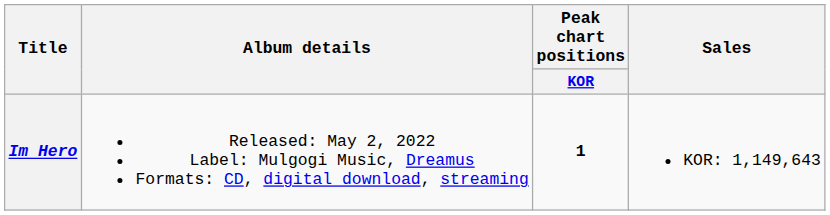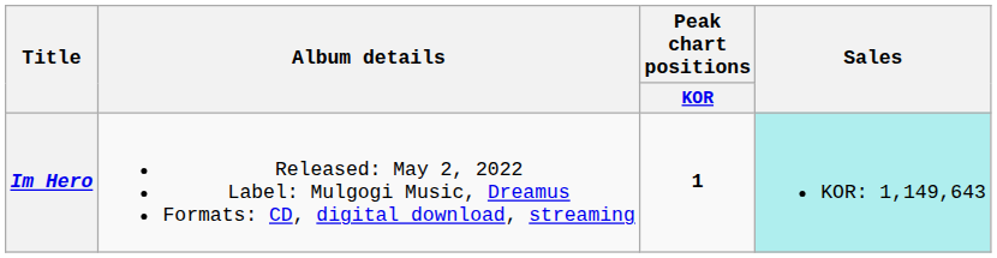 <table class="wikitable plainrowheaders" style="text-align:center;">
 <tr>
 <th scope="col" rowspan="2">Title</th>
 <th scope="col" rowspan="2">Album details</th>
 <th scope="col" style="width:5em;">Peak chart positions</th>
 <th scope="col" rowspan="2">Sales</th>
 </tr>
 <tr>
 <th scope="col" style="width:3em;font-size:90%;"><a href='#'>KOR</a><br></th>
 </tr>
 <tr>
 <th scope="row"><em><a href='#'>Im Hero</a></em></th>
 <td><br><ul><li>Released: May 2, 2022</li><li>Label: Mulgogi Music, <a href='#'>Dreamus</a></li><li>Formats: <a href='#'>CD</a>, <a href='#'>digital download</a>, <a href='#'>streaming</a></li></ul></td>
 <td><strong>1</strong></td>
-<td><br><ul><li>KOR: 1,149,643</li></ul></td>
+<td style="background: paleturquoise;"><br><ul><li>KOR: 1,149,643</li></ul></td>
 </tr>
 </table>
